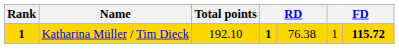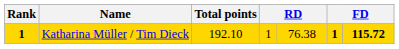 <table class="wikitable sortable">
 <tr>
 <th>Rank</th>
 <th>Name</th>
 <th>Total points</th>
 <th colspan="2" width="80px"><a href='#'>RD</a></th>
 <th colspan="2" width="80px"><a href='#'>FD</a></th>
 </tr>
 <tr bgcolor="gold">
 <td align="center"><strong>1</strong></td>
 <td><a href='#'>Katharina Müller</a> / <a href='#'>Tim Dieck</a></td>
 <td align="center">192.10</td>
+<td align="center">1</td>
+<td align="center">76.38</td>
 <td align="center"><strong>1</strong></td>
-<td align="center">76.38</td>
-<td align="center">1</td>
 <td align="center"><strong>115.72</strong></td>
 </tr>
 </table>
